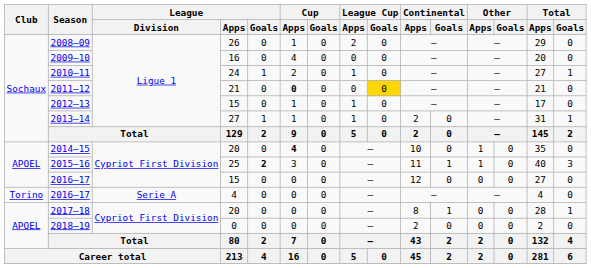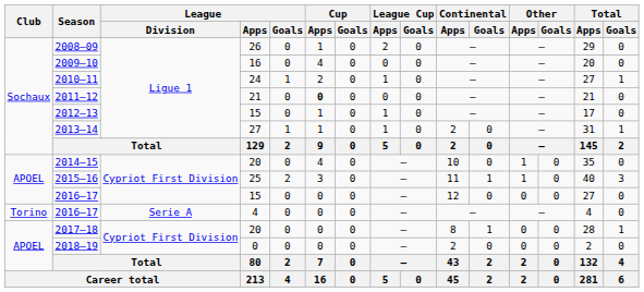 <table class="wikitable" style="text-align: center;">
 <tr>
 <th rowspan="2">Club</th>
 <th rowspan="2">Season</th>
 <th colspan="3">League</th>
 <th colspan="2">Cup</th>
 <th colspan="2">League Cup</th>
 <th colspan="2">Continental</th>
 <th colspan="2">Other</th>
 <th colspan="2">Total</th>
 </tr>
 <tr>
 <th>Division</th>
 <th>Apps</th>
 <th>Goals</th>
 <th>Apps</th>
 <th>Goals</th>
 <th>Apps</th>
 <th>Goals</th>
 <th>Apps</th>
 <th>Goals</th>
 <th>Apps</th>
 <th>Goals</th>
 <th>Apps</th>
 <th>Goals</th>
 </tr>
 <tr>
 <td rowspan="7"><a href='#'>Sochaux</a></td>
 <td><a href='#'>2008–09</a></td>
 <td rowspan="6"><a href='#'>Ligue 1</a></td>
 <td>26</td>
 <td>0</td>
 <td>1</td>
 <td>0</td>
 <td>2</td>
 <td>0</td>
 <td colspan="2">—</td>
 <td colspan="2">—</td>
 <td>29</td>
 <td>0</td>
 </tr>
 <tr>
 <td><a href='#'>2009–10</a></td>
 <td>16</td>
 <td>0</td>
 <td>4</td>
 <td>0</td>
 <td>0</td>
 <td>0</td>
 <td colspan="2">—</td>
 <td colspan="2">—</td>
 <td>20</td>
 <td>0</td>
 </tr>
 <tr>
 <td><a href='#'>2010–11</a></td>
 <td>24</td>
 <td>1</td>
 <td>2</td>
 <td>0</td>
 <td>1</td>
 <td>0</td>
 <td colspan="2">—</td>
 <td colspan="2">—</td>
 <td>27</td>
 <td>1</td>
 </tr>
 <tr>
 <td><a href='#'>2011–12</a></td>
 <td>21</td>
 <td>0</td>
 <td><strong>0</strong></td>
 <td>0</td>
 <td>0</td>
-<td style="background: gold;">0</td>
+<td>0</td>
 <td colspan="2">—</td>
 <td colspan="2">—</td>
 <td>21</td>
 <td>0</td>
 </tr>
 <tr>
 <td><a href='#'>2012–13</a></td>
 <td>15</td>
 <td>0</td>
 <td>1</td>
 <td>0</td>
 <td>1</td>
 <td>0</td>
 <td colspan="2">—</td>
 <td colspan="2">—</td>
 <td>17</td>
 <td>0</td>
 </tr>
 <tr>
 <td><a href='#'>2013–14</a></td>
 <td>27</td>
 <td>1</td>
 <td>1</td>
 <td>0</td>
 <td>1</td>
 <td>0</td>
 <td>2</td>
 <td>0</td>
 <td colspan="2">—</td>
 <td>31</td>
 <td>1</td>
 </tr>
 <tr>
 <th colspan="2">Total</th>
 <th>129</th>
 <th>2</th>
 <th>9</th>
 <th>0</th>
 <th>5</th>
 <th>0</th>
 <th>2</th>
 <th>0</th>
 <th colspan="2">—</th>
 <th>145</th>
 <th>2</th>
 </tr>
 <tr>
 <td rowspan="3"><a href='#'>APOEL</a></td>
 <td><a href='#'>2014–15</a></td>
 <td rowspan="3"><a href='#'>Cypriot First Division</a></td>
 <td>20</td>
 <td>0</td>
-<td><strong>4</strong></td>
+<td>4</td>
 <td>0</td>
 <td colspan="2">—</td>
 <td>10</td>
 <td>0</td>
 <td>1</td>
 <td>0</td>
 <td>35</td>
 <td>0</td>
 </tr>
 <tr>
 <td><a href='#'>2015–16</a></td>
 <td>25</td>
-<td><strong>2</strong></td>
+<td>2</td>
 <td>3</td>
 <td>0</td>
 <td colspan="2">—</td>
 <td>11</td>
 <td>1</td>
 <td>1</td>
 <td>0</td>
 <td>40</td>
 <td>3</td>
 </tr>
 <tr>
 <td><a href='#'>2016–17</a></td>
 <td>15</td>
 <td>0</td>
 <td>0</td>
 <td>0</td>
 <td colspan="2">—</td>
 <td>12</td>
 <td>0</td>
 <td>0</td>
 <td>0</td>
 <td>27</td>
 <td>0</td>
 </tr>
 <tr>
 <td><a href='#'>Torino</a></td>
 <td><a href='#'>2016–17</a></td>
 <td><a href='#'>Serie A</a></td>
 <td>4</td>
 <td>0</td>
 <td>0</td>
 <td>0</td>
 <td colspan="2">—</td>
 <td colspan="2">—</td>
 <td colspan="2">—</td>
 <td>4</td>
 <td>0</td>
 </tr>
 <tr>
 <td rowspan="3"><a href='#'>APOEL</a></td>
 <td><a href='#'>2017–18</a></td>
 <td rowspan="2"><a href='#'>Cypriot First Division</a></td>
 <td>20</td>
 <td>0</td>
 <td>0</td>
 <td>0</td>
 <td colspan="2">—</td>
 <td>8</td>
 <td>1</td>
 <td>0</td>
 <td>0</td>
 <td>28</td>
 <td>1</td>
 </tr>
 <tr>
 <td><a href='#'>2018–19</a></td>
 <td>0</td>
 <td>0</td>
 <td>0</td>
 <td>0</td>
 <td colspan="2">—</td>
 <td>2</td>
 <td>0</td>
 <td>0</td>
 <td>0</td>
 <td>2</td>
 <td>0</td>
 </tr>
 <tr>
 <th colspan="2">Total</th>
 <th>80</th>
 <th>2</th>
 <th>7</th>
 <th>0</th>
 <th colspan="2">—</th>
 <th>43</th>
 <th>2</th>
 <th>2</th>
 <th>0</th>
 <th>132</th>
 <th>4</th>
 </tr>
 <tr>
 <th colspan="3">Career total</th>
 <th>213</th>
 <th>4</th>
 <th>16</th>
 <th>0</th>
 <th>5</th>
 <th>0</th>
 <th>45</th>
 <th>2</th>
 <th>2</th>
 <th>0</th>
 <th>281</th>
 <th>6</th>
 </tr>
 </table>
